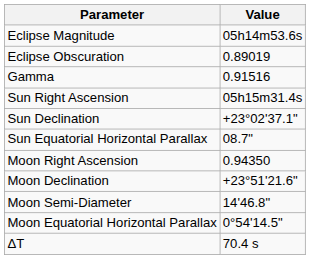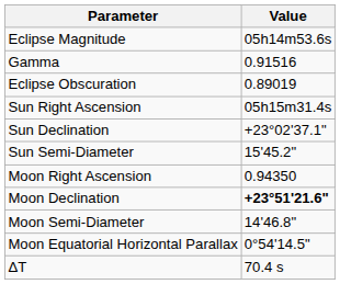 <table class="wikitable">
 <tr>
 <th>Parameter</th>
 <th>Value</th>
 </tr>
 <tr>
 <td>Eclipse Magnitude</td>
 <td>05h14m53.6s</td>
 </tr>
 <tr>
+<td>Gamma</td>
+<td>0.91516</td>
+</tr>
+<tr>
 <td>Eclipse Obscuration</td>
 <td>0.89019</td>
-</tr>
-<tr>
-<td>Gamma</td>
-<td>0.91516</td>
 </tr>
 <tr>
 <td>Sun Right Ascension</td>
 <td>05h15m31.4s</td>
 </tr>
 <tr>
 <td>Sun Declination</td>
 <td>+23°02'37.1"</td>
 </tr>
 <tr>
-<td>Sun Equatorial Horizontal Parallax</td>
-<td>08.7"</td>
+<td>Sun Semi-Diameter</td>
+<td>15'45.2"</td>
 </tr>
 <tr>
 <td>Moon Right Ascension</td>
 <td>0.94350</td>
 </tr>
 <tr>
 <td>Moon Declination</td>
-<td>+23°51'21.6"</td>
+<td><strong>+23°51'21.6"</strong></td>
 </tr>
 <tr>
 <td>Moon Semi-Diameter</td>
 <td>14'46.8"</td>
 </tr>
 <tr>
 <td>Moon Equatorial Horizontal Parallax</td>
 <td>0°54'14.5"</td>
 </tr>
 <tr>
 <td>ΔT</td>
 <td>70.4 s</td>
 </tr>
 </table>
